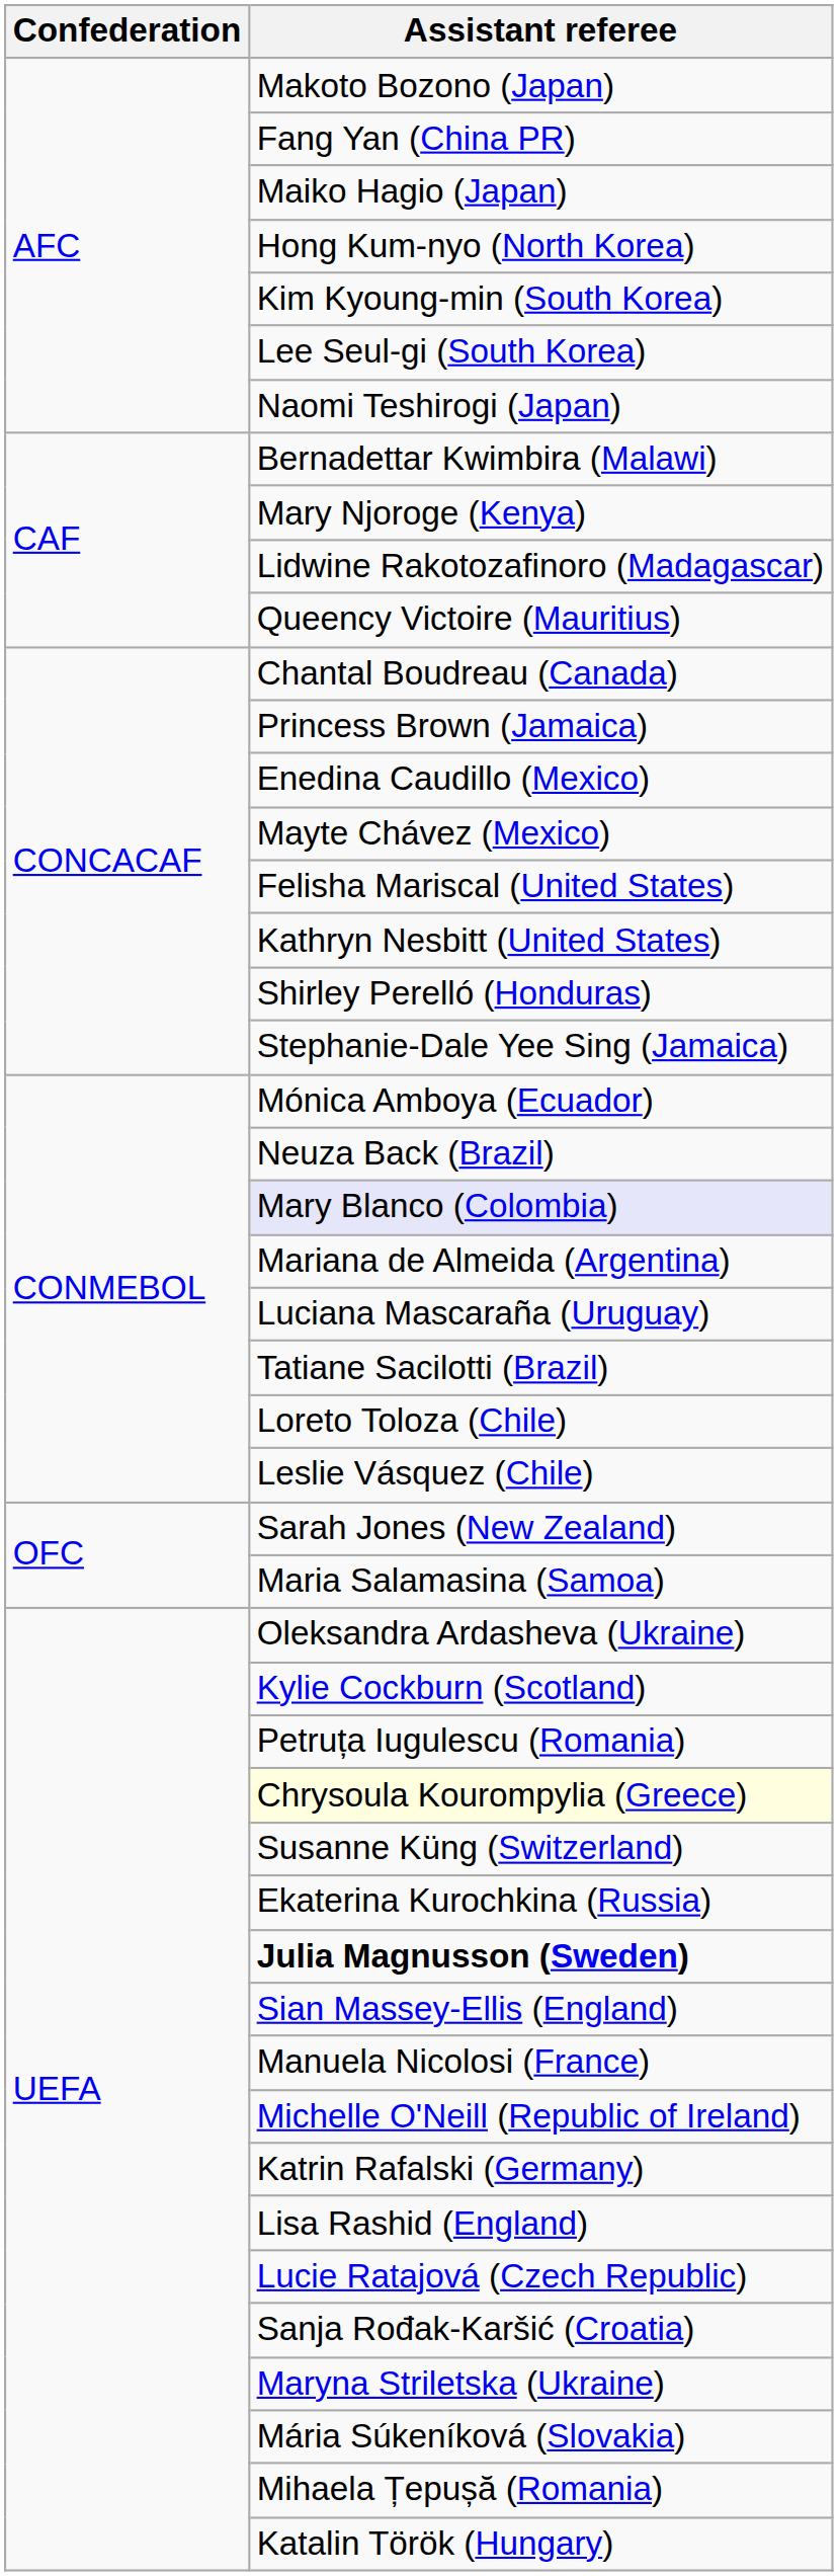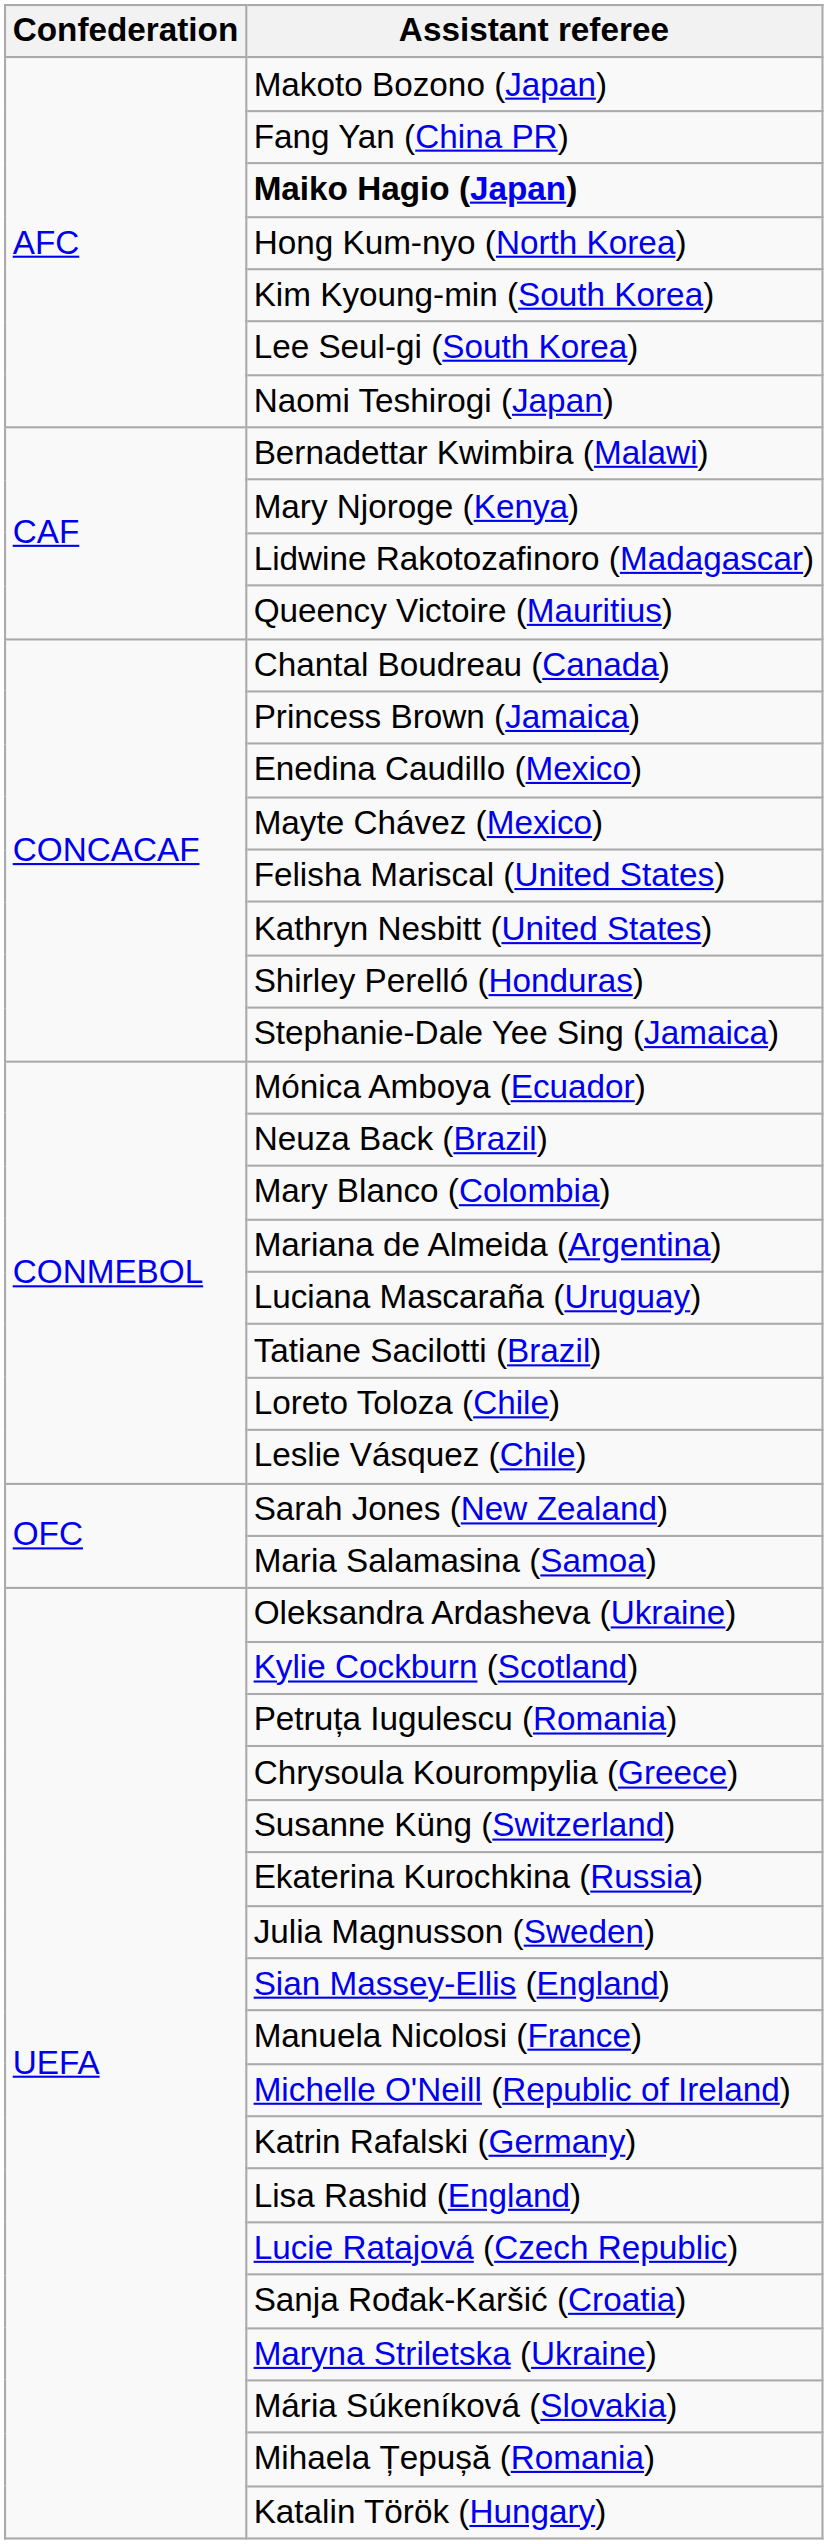 <table class="wikitable">
 <tr>
 <th>Confederation</th>
 <th>Assistant referee</th>
 </tr>
 <tr>
 <td rowspan="7"><a href='#'>AFC</a></td>
 <td>Makoto Bozono (<a href='#'>Japan</a>)</td>
 </tr>
 <tr>
 <td>Fang Yan (<a href='#'>China PR</a>)</td>
 </tr>
 <tr>
-<td>Maiko Hagio (<a href='#'>Japan</a>)</td>
+<td><strong>Maiko Hagio (<a href='#'>Japan</a>)</strong></td>
 </tr>
 <tr>
 <td>Hong Kum-nyo (<a href='#'>North Korea</a>)</td>
 </tr>
 <tr>
 <td>Kim Kyoung-min (<a href='#'>South Korea</a>)</td>
 </tr>
 <tr>
 <td>Lee Seul-gi (<a href='#'>South Korea</a>)</td>
 </tr>
 <tr>
 <td>Naomi Teshirogi (<a href='#'>Japan</a>)</td>
 </tr>
 <tr>
 <td rowspan="4"><a href='#'>CAF</a></td>
 <td>Bernadettar Kwimbira (<a href='#'>Malawi</a>)</td>
 </tr>
 <tr>
 <td>Mary Njoroge (<a href='#'>Kenya</a>)</td>
 </tr>
 <tr>
 <td>Lidwine Rakotozafinoro (<a href='#'>Madagascar</a>)</td>
 </tr>
 <tr>
 <td>Queency Victoire (<a href='#'>Mauritius</a>)</td>
 </tr>
 <tr>
 <td rowspan="8"><a href='#'>CONCACAF</a></td>
 <td>Chantal Boudreau (<a href='#'>Canada</a>)</td>
 </tr>
 <tr>
 <td>Princess Brown (<a href='#'>Jamaica</a>)</td>
 </tr>
 <tr>
 <td>Enedina Caudillo (<a href='#'>Mexico</a>)</td>
 </tr>
 <tr>
 <td>Mayte Chávez (<a href='#'>Mexico</a>)</td>
 </tr>
 <tr>
 <td>Felisha Mariscal (<a href='#'>United States</a>)</td>
 </tr>
 <tr>
 <td>Kathryn Nesbitt (<a href='#'>United States</a>)</td>
 </tr>
 <tr>
 <td>Shirley Perelló (<a href='#'>Honduras</a>)</td>
 </tr>
 <tr>
 <td>Stephanie-Dale Yee Sing (<a href='#'>Jamaica</a>)</td>
 </tr>
 <tr>
 <td rowspan="8"><a href='#'>CONMEBOL</a></td>
 <td>Mónica Amboya (<a href='#'>Ecuador</a>)</td>
 </tr>
 <tr>
 <td>Neuza Back (<a href='#'>Brazil</a>)</td>
 </tr>
 <tr>
-<td style="background: lavender;">Mary Blanco (<a href='#'>Colombia</a>)</td>
+<td>Mary Blanco (<a href='#'>Colombia</a>)</td>
 </tr>
 <tr>
 <td>Mariana de Almeida (<a href='#'>Argentina</a>)</td>
 </tr>
 <tr>
 <td>Luciana Mascaraña (<a href='#'>Uruguay</a>)</td>
 </tr>
 <tr>
 <td>Tatiane Sacilotti (<a href='#'>Brazil</a>)</td>
 </tr>
 <tr>
 <td>Loreto Toloza (<a href='#'>Chile</a>)</td>
 </tr>
 <tr>
 <td>Leslie Vásquez (<a href='#'>Chile</a>)</td>
 </tr>
 <tr>
 <td rowspan="2"><a href='#'>OFC</a></td>
 <td>Sarah Jones (<a href='#'>New Zealand</a>)</td>
 </tr>
 <tr>
 <td>Maria Salamasina (<a href='#'>Samoa</a>)</td>
 </tr>
 <tr>
 <td rowspan="18"><a href='#'>UEFA</a></td>
 <td>Oleksandra Ardasheva (<a href='#'>Ukraine</a>)</td>
 </tr>
 <tr>
 <td><a href='#'>Kylie Cockburn</a> (<a href='#'>Scotland</a>)</td>
 </tr>
 <tr>
 <td>Petruța Iugulescu (<a href='#'>Romania</a>)</td>
 </tr>
 <tr>
-<td style="background: lightyellow;">Chrysoula Kourompylia (<a href='#'>Greece</a>)</td>
+<td>Chrysoula Kourompylia (<a href='#'>Greece</a>)</td>
 </tr>
 <tr>
 <td>Susanne Küng (<a href='#'>Switzerland</a>)</td>
 </tr>
 <tr>
 <td>Ekaterina Kurochkina (<a href='#'>Russia</a>)</td>
 </tr>
 <tr>
-<td><strong>Julia Magnusson (<a href='#'>Sweden</a>)</strong></td>
+<td>Julia Magnusson (<a href='#'>Sweden</a>)</td>
 </tr>
 <tr>
 <td><a href='#'>Sian Massey-Ellis</a> (<a href='#'>England</a>)</td>
 </tr>
 <tr>
 <td>Manuela Nicolosi (<a href='#'>France</a>)</td>
 </tr>
 <tr>
 <td><a href='#'>Michelle O'Neill</a> (<a href='#'>Republic of Ireland</a>)</td>
 </tr>
 <tr>
 <td>Katrin Rafalski (<a href='#'>Germany</a>)</td>
 </tr>
 <tr>
 <td>Lisa Rashid (<a href='#'>England</a>)</td>
 </tr>
 <tr>
 <td><a href='#'>Lucie Ratajová</a> (<a href='#'>Czech Republic</a>)</td>
 </tr>
 <tr>
 <td>Sanja Rođak-Karšić (<a href='#'>Croatia</a>)</td>
 </tr>
 <tr>
 <td><a href='#'>Maryna Striletska</a> (<a href='#'>Ukraine</a>)</td>
 </tr>
 <tr>
 <td>Mária Súkeníková (<a href='#'>Slovakia</a>)</td>
 </tr>
 <tr>
 <td>Mihaela Țepușă (<a href='#'>Romania</a>)</td>
 </tr>
 <tr>
 <td>Katalin Török (<a href='#'>Hungary</a>)</td>
 </tr>
 </table>
